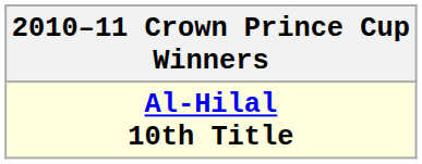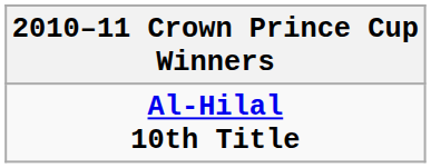 <table class="wikitable" style="text-align: center; margin: 0 auto;">
 <tr>
 <th>2010–11 Crown Prince Cup <br>Winners</th>
 </tr>
 <tr>
-<td style="background: lightyellow;"><strong><a href='#'>Al-Hilal</a></strong><br><strong>10th Title</strong></td>
+<td><strong><a href='#'>Al-Hilal</a></strong><br><strong>10th Title</strong></td>
 </tr>
 </table>
